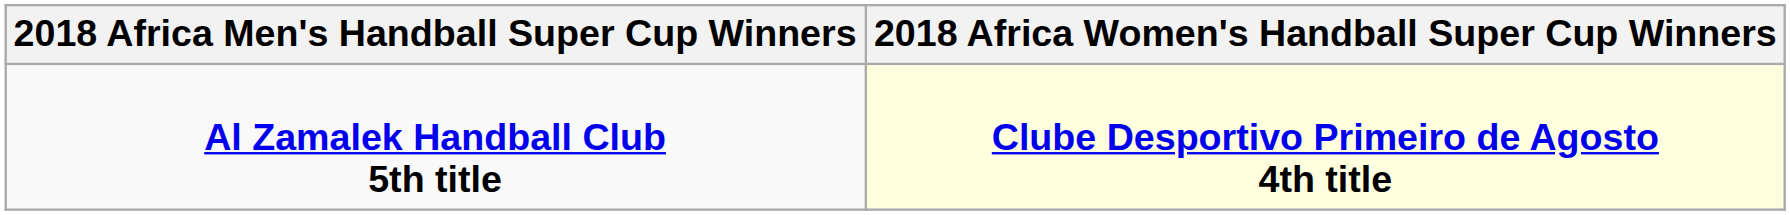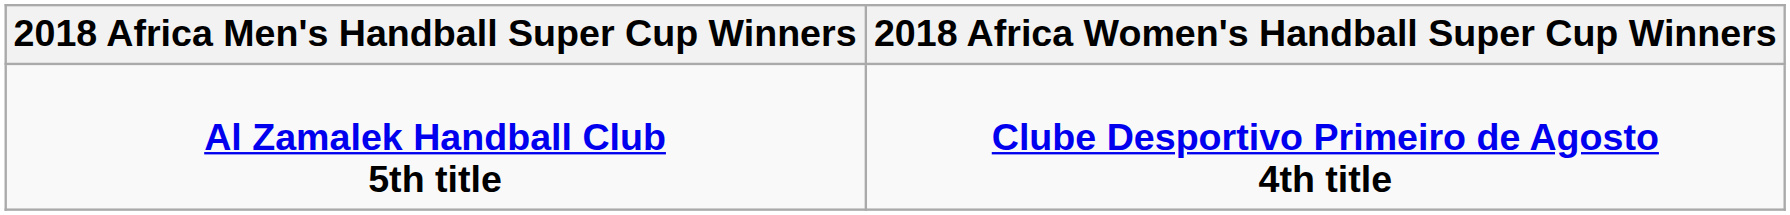 <table class=wikitable style="text-align:center; margin:auto">
 <tr>
 <th>2018 Africa Men's Handball Super Cup Winners</th>
 <th>2018 Africa Women's Handball Super Cup Winners</th>
 </tr>
 <tr>
 <td><br><strong><a href='#'>Al Zamalek Handball Club</a></strong><br><strong>5th title</strong></td>
-<td style="background: lightyellow;"><br><strong><a href='#'>Clube Desportivo Primeiro de Agosto</a></strong><br><strong>4th title</strong></td>
+<td><br><strong><a href='#'>Clube Desportivo Primeiro de Agosto</a></strong><br><strong>4th title</strong></td>
 </tr>
 </table>
